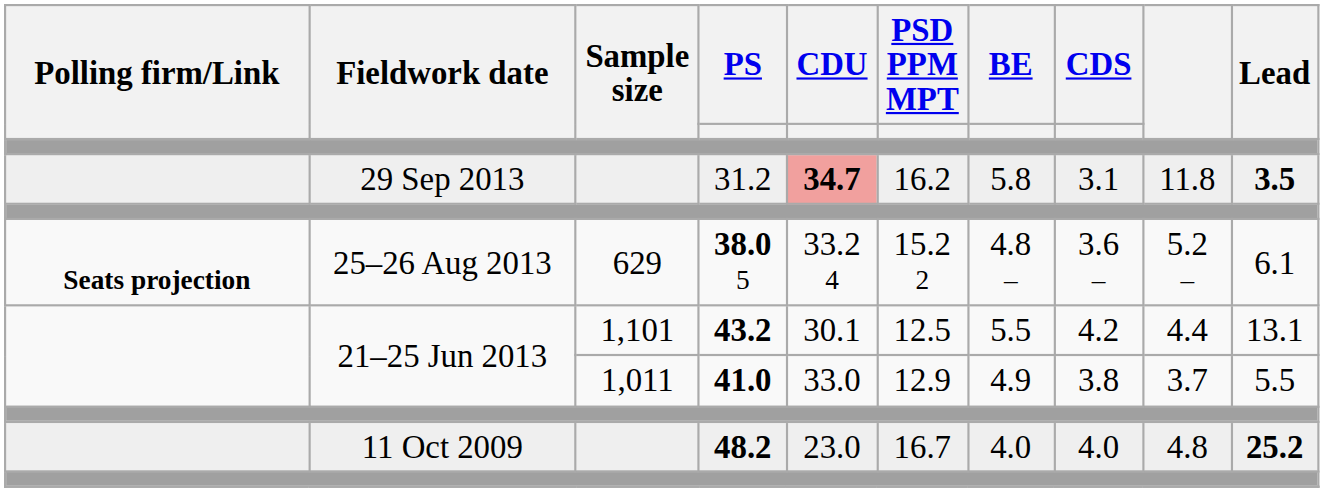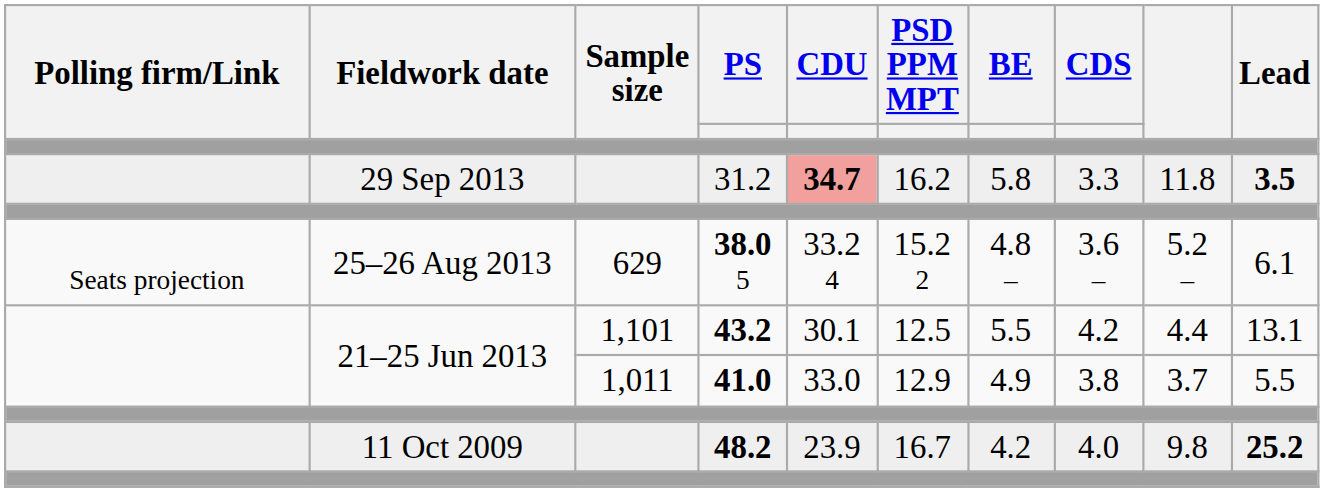 <table class="wikitable collapsible sortable" style="text-align:center; font-size:95%; line-height:16px;">
 <tr style="height:42px;">
 <th style="width:145px;" rowspan="2">Polling firm/Link</th>
 <th style="width:125px;" rowspan="2">Fieldwork date</th>
 <th class="unsortable" style="width:50px;" rowspan="2">Sample size</th>
 <th class="unsortable" style="width:35px;"><a href='#'>PS</a></th>
 <th class="unsortable" style="width:35px;"><a href='#'>CDU</a></th>
 <th class="unsortable" style="width:35px;"><a href='#'>PSD</a><br><a href='#'>PPM</a><br><a href='#'>MPT</a></th>
 <th class="unsortable" style="width:35px;"><a href='#'>BE</a></th>
 <th class="unsortable" style="width:35px;"><a href='#'>CDS</a></th>
 <th class="unsortable" style="width:35px;" rowspan="2"></th>
 <th class="unsortable" style="width:30px;" rowspan="2">Lead</th>
 </tr>
 <tr>
 <th class="unsortable" style="color:inherit;background:"></th>
 <th class="unsortable" style="color:inherit;background:"></th>
 <th class="unsortable" style="color:inherit;background:"></th>
 <th class="unsortable" style="color:inherit;background:"></th>
 <th class="unsortable" style="color:inherit;background:"></th>
 </tr>
 <tr>
 <td colspan="13" style="background:#A0A0A0"></td>
 </tr>
 <tr style="background:#EFEFEF;">
 <td><strong></strong></td>
 <td data-sort-value="2019-10-06">29 Sep 2013</td>
 <td></td>
 <td>31.2<br></td>
 <td style="background:#F1A09E"><strong>34.7</strong><br></td>
 <td>16.2<br></td>
 <td>5.8<br></td>
-<td>3.1<br></td>
+<td>3.3<br></td>
 <td>11.8<br></td>
 <td style="background:"><strong>3.5</strong></td>
 </tr>
 <tr>
 <td colspan="13" style="background:#A0A0A0"></td>
 </tr>
 <tr>
-<td align="center"><strong><br><small>Seats projection</small></strong></td>
+<td align="center"><br><small>Seats projection</small></td>
 <td align="center">25–26 Aug 2013</td>
 <td>629</td>
 <td align="center" ><strong>38.0</strong><br><small>5 </small></td>
 <td align="center">33.2<br><small>4 </small></td>
 <td align="center">15.2<br><small>2 </small></td>
 <td align="center">4.8<br><small> –  </small></td>
 <td align="center">3.6<br><small> – </small></td>
 <td align="center">5.2<br><small> –  </small></td>
 <td style="background:">6.1</td>
 </tr>
 <tr>
 <td rowspan="2" align="center"></td>
 <td rowspan="2" align="center">21–25 Jun 2013</td>
 <td>1,101</td>
 <td align="center" ><strong>43.2</strong></td>
 <td align="center">30.1</td>
 <td align="center">12.5</td>
 <td align="center">5.5</td>
 <td align="center">4.2</td>
 <td align="center">4.4</td>
 <td style="background:">13.1</td>
 </tr>
 <tr>
 <td>1,011</td>
 <td align="center" ><strong>41.0</strong></td>
 <td align="center">33.0</td>
 <td align="center">12.9</td>
 <td align="center">4.9</td>
 <td align="center">3.8</td>
 <td align="center">3.7</td>
 <td style="background:">5.5</td>
 </tr>
 <tr>
 <td colspan="13" style="background:#A0A0A0"></td>
 </tr>
 <tr style="background:#EFEFEF;">
 <td><strong></strong></td>
 <td data-sort-value="2019-10-06">11 Oct 2009</td>
 <td></td>
 <td><strong>48.2</strong><br></td>
-<td>23.0<br></td>
+<td>23.9<br></td>
 <td>16.7<br></td>
+<td>4.2<br></td>
 <td>4.0<br></td>
-<td>4.0<br></td>
-<td>4.8<br></td>
+<td>9.8<br></td>
 <td style="background:"><strong>25.2</strong></td>
 </tr>
 <tr>
 <td colspan="13" style="background:#A0A0A0"></td>
 </tr>
 <tr>
 </tr>
 </table>
